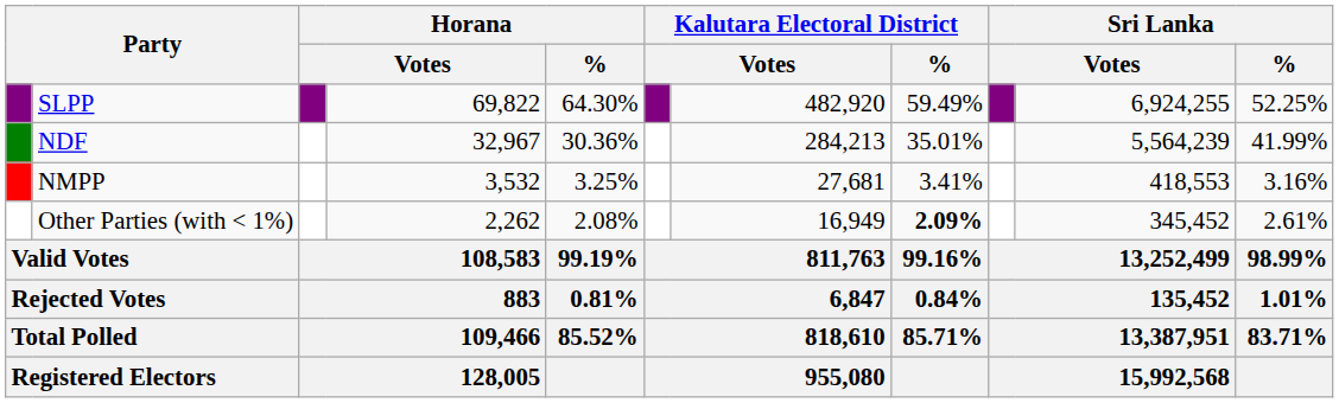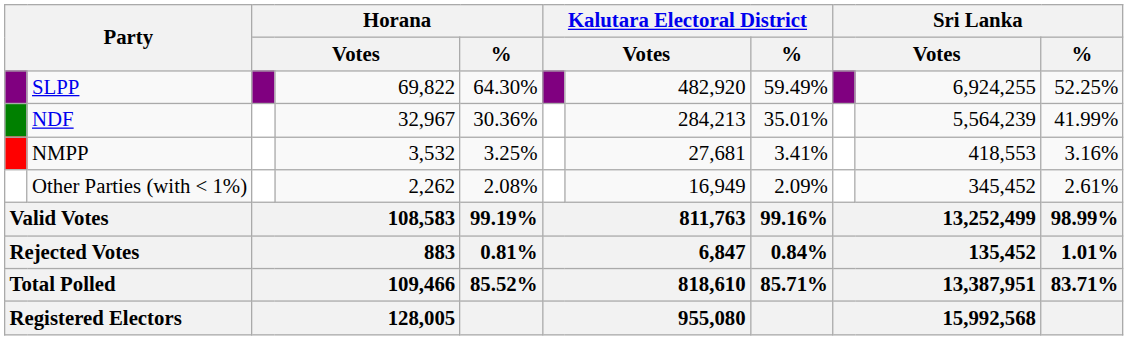 <table class="wikitable">
 <tr>
 <th colspan="2" width="144px"rowspan="2">Party</th>
 <th colspan="3" width="216px">Horana</th>
 <th colspan="3" width="216px"><a href='#'>Kalutara Electoral District</a></th>
 <th colspan="3" width="216px">Sri Lanka</th>
 </tr>
 <tr>
 <th colspan="2" width="144px">Votes</th>
 <th>%</th>
 <th colspan="2" width="144px">Votes</th>
 <th>%</th>
 <th colspan="2" width="144px">Votes</th>
 <th>%</th>
 </tr>
 <tr>
 <td style="background-color:purple;" width="10px"></td>
 <td style="text-align:left;"><a href='#'>SLPP</a></td>
 <td style="background-color:purple;" width="10px"></td>
 <td style="text-align:right;">69,822</td>
 <td style="text-align:right;">64.30%</td>
 <td style="background-color:purple;" width="10px"></td>
 <td style="text-align:right;">482,920</td>
 <td style="text-align:right;">59.49%</td>
 <td style="background-color:purple;" width="10px"></td>
 <td style="text-align:right;">6,924,255</td>
 <td style="text-align:right;">52.25%</td>
 </tr>
 <tr>
 <td style="background-color:green;" width="10px"></td>
 <td style="text-align:left;"><a href='#'>NDF</a></td>
 <td style="background-color:white;" width="10px"></td>
 <td style="text-align:right;">32,967</td>
 <td style="text-align:right;">30.36%</td>
 <td style="background-color:white;" width="10px"></td>
 <td style="text-align:right;">284,213</td>
 <td style="text-align:right;">35.01%</td>
 <td style="background-color:white;" width="10px"></td>
 <td style="text-align:right;">5,564,239</td>
 <td style="text-align:right;">41.99%</td>
 </tr>
 <tr>
 <td style="background-color:red;" width="10px"></td>
 <td style="text-align:left;">NMPP</td>
 <td style="background-color:white;" width="10px"></td>
 <td style="text-align:right;">3,532</td>
 <td style="text-align:right;">3.25%</td>
 <td style="background-color:white;" width="10px"></td>
 <td style="text-align:right;">27,681</td>
 <td style="text-align:right;">3.41%</td>
 <td style="background-color:white;" width="10px"></td>
 <td style="text-align:right;">418,553</td>
 <td style="text-align:right;">3.16%</td>
 </tr>
 <tr>
 <td style="background-color:white;" width="10px"></td>
 <td style="text-align:left;">Other Parties (with < 1%)</td>
 <td style="background-color:white;" width="10px"></td>
 <td style="text-align:right;">2,262</td>
 <td style="text-align:right;">2.08%</td>
 <td style="background-color:white;" width="10px"></td>
 <td style="text-align:right;">16,949</td>
-<td style="text-align:right;"><strong>2.09%</strong></td>
+<td style="text-align:right;">2.09%</td>
 <td style="background-color:white;" width="10px"></td>
 <td style="text-align:right;">345,452</td>
 <td style="text-align:right;">2.61%</td>
 </tr>
 <tr>
 <th colspan="2" width="144px"style="text-align:left;">Valid Votes</th>
 <th style="text-align:right;"colspan="2" width="144px">108,583</th>
 <th style="text-align:right;">99.19%</th>
 <th style="text-align:right;"colspan="2" width="144px">811,763</th>
 <th style="text-align:right;">99.16%</th>
 <th style="text-align:right;"colspan="2" width="144px">13,252,499</th>
 <th style="text-align:right;">98.99%</th>
 </tr>
 <tr>
 <th colspan="2" width="144px"style="text-align:left;">Rejected Votes</th>
 <th style="text-align:right;"colspan="2" width="144px">883</th>
 <th style="text-align:right;">0.81%</th>
 <th style="text-align:right;"colspan="2" width="144px">6,847</th>
 <th style="text-align:right;">0.84%</th>
 <th style="text-align:right;"colspan="2" width="144px">135,452</th>
 <th style="text-align:right;">1.01%</th>
 </tr>
 <tr>
 <th colspan="2" width="144px"style="text-align:left;">Total Polled</th>
 <th style="text-align:right;"colspan="2" width="144px">109,466</th>
 <th style="text-align:right;">85.52%</th>
 <th style="text-align:right;"colspan="2" width="144px">818,610</th>
 <th style="text-align:right;">85.71%</th>
 <th style="text-align:right;"colspan="2" width="144px">13,387,951</th>
 <th style="text-align:right;">83.71%</th>
 </tr>
 <tr>
 <th colspan="2" width="144px"style="text-align:left;">Registered Electors</th>
 <th style="text-align:right;"colspan="2" width="144px">128,005</th>
 <th></th>
 <th style="text-align:right;"colspan="2" width="144px">955,080</th>
 <th></th>
 <th style="text-align:right;"colspan="2" width="144px">15,992,568</th>
 <th></th>
 </tr>
 </table>
